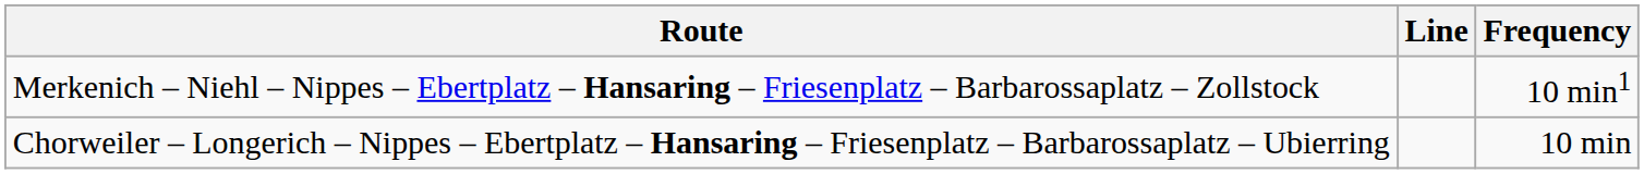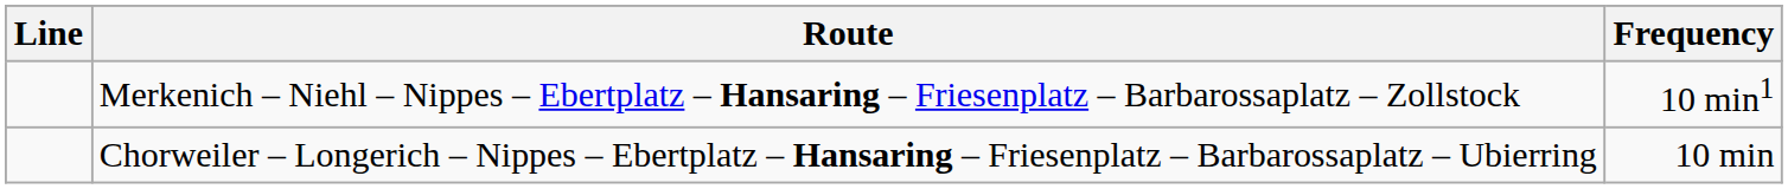 <table class="wikitable">
 <tr class="hintergrundfarbe5">
+<th>Line</th>
 <th>Route</th>
-<th>Line</th>
 <th>Frequency</th>
 </tr>
 <tr>
+<td></td>
 <td>Merkenich – Niehl – Nippes – <a href='#'>Ebertplatz</a> – <strong>Hansaring</strong> – <a href='#'>Friesenplatz</a> – Barbarossaplatz – Zollstock</td>
-<td></td>
 <td align="right">10 min<sup>1</sup></td>
 </tr>
 <tr>
+<td></td>
 <td>Chorweiler – Longerich – Nippes – Ebertplatz – <strong>Hansaring</strong> – Friesenplatz – Barbarossaplatz – Ubierring</td>
-<td></td>
 <td align="right">10 min</td>
 </tr>
 </table>
